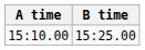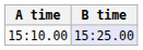 <table class="wikitable" border="1" align="upright">
 <tr>
 <th>A time</th>
 <th>B time</th>
 </tr>
 <tr>
 <td>15:10.00</td>
-<td>15:25.00</td>
+<td style="background: lavender;">15:25.00</td>
 </tr>
 </table>
